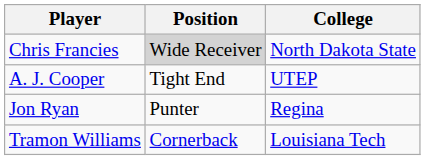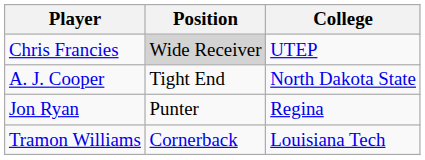 <table class="wikitable">
 <tr>
 <th>Player</th>
 <th>Position</th>
 <th>College</th>
 </tr>
 <tr>
 <td><a href='#'>Chris Francies</a></td>
 <td style="background: lightgrey;">Wide Receiver</td>
-<td><a href='#'>North Dakota State</a></td>
+<td><a href='#'>UTEP</a></td>
 </tr>
 <tr>
 <td><a href='#'>A. J. Cooper</a></td>
 <td>Tight End</td>
-<td><a href='#'>UTEP</a></td>
+<td><a href='#'>North Dakota State</a></td>
 </tr>
 <tr>
 <td><a href='#'>Jon Ryan</a></td>
 <td>Punter</td>
 <td><a href='#'>Regina</a></td>
 </tr>
 <tr style="background:#fc">
 <td><a href='#'>Tramon Williams</a></td>
 <td><a href='#'>Cornerback</a></td>
 <td><a href='#'>Louisiana Tech</a></td>
 </tr>
 </table>
